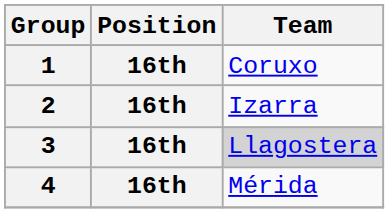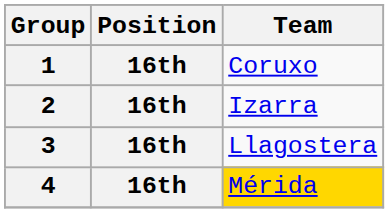 <table class="wikitable">
 <tr>
 <th>Group</th>
 <th>Position</th>
 <th>Team</th>
 </tr>
 <tr>
 <th>1</th>
 <th>16th</th>
 <td><a href='#'>Coruxo</a></td>
 </tr>
 <tr>
 <th>2</th>
 <th>16th</th>
 <td><a href='#'>Izarra</a></td>
 </tr>
 <tr>
 <th>3</th>
 <th>16th</th>
-<td style="background: lightgrey;"><a href='#'>Llagostera</a></td>
+<td><a href='#'>Llagostera</a></td>
 </tr>
 <tr>
 <th>4</th>
 <th>16th</th>
-<td><a href='#'>Mérida</a></td>
+<td style="background: gold;"><a href='#'>Mérida</a></td>
 </tr>
 <tr>
 </tr>
 </table>
